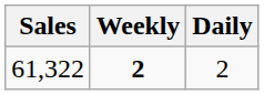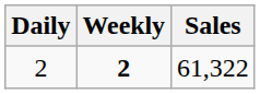 <table class="wikitable">
 <tr>
+<th>Daily</th>
+<th>Weekly</th>
 <th>Sales</th>
-<th>Weekly</th>
-<th>Daily</th>
 </tr>
 <tr>
+<td align="center">2</td>
+<td align="center"><strong>2</strong></td>
 <td>61,322</td>
-<td align="center"><strong>2</strong></td>
-<td align="center">2</td>
 </tr>
 </table>
